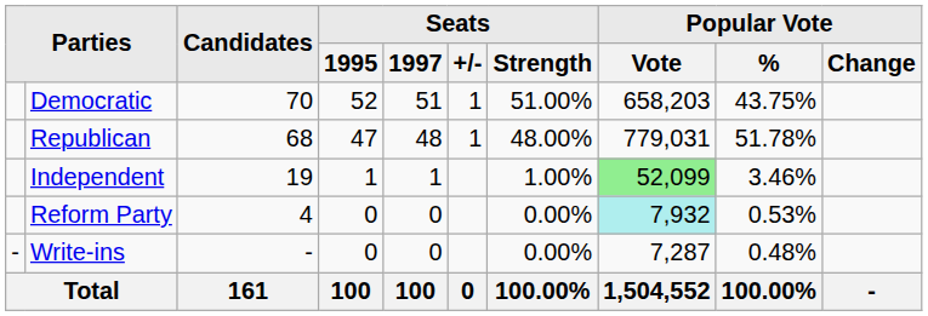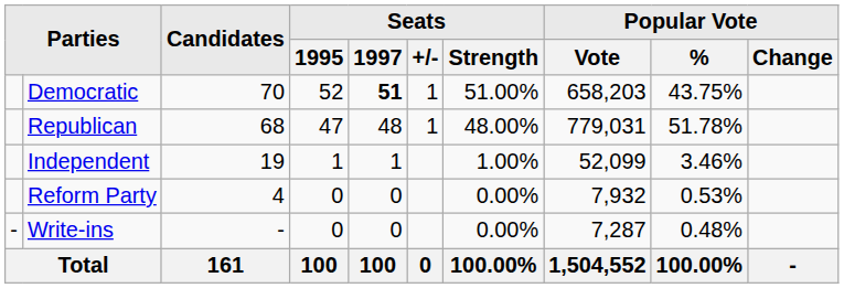 <table class=wikitable>
 <tr>
 <th style="background-color:#E9E9E9" align=center rowspan= 2 colspan=2>Parties</th>
 <th style="background-color:#E9E9E9" align=center rowspan= 2>Candidates</th>
 <th style="background-color:#E9E9E9" align=center colspan=4>Seats</th>
 <th style="background-color:#E9E9E9" align=center colspan=3>Popular Vote</th>
 </tr>
 <tr>
 <th align=center>1995</th>
 <th align=center>1997</th>
 <th align=center>+/-</th>
 <th align=center>Strength</th>
 <th align=center>Vote</th>
 <th align=center>%</th>
 <th align=center>Change</th>
 </tr>
 <tr>
 <td></td>
 <td align=left><a href='#'>Democratic</a></td>
 <td align=right>70</td>
 <td align=right >52</td>
-<td align=right >51</td>
+<td align=right ><strong>51</strong></td>
 <td align=right> 1</td>
 <td align=right >51.00%</td>
 <td align=right>658,203</td>
 <td align=right>43.75%</td>
 <td align=right></td>
 </tr>
 <tr>
 <td></td>
 <td align=left><a href='#'>Republican</a></td>
 <td align=right>68</td>
 <td align=right>47</td>
 <td align=right>48</td>
 <td align=right> 1</td>
 <td align=right>48.00%</td>
 <td align=right >779,031</td>
 <td align=right >51.78%</td>
 <td align=right></td>
 </tr>
 <tr>
 <td></td>
 <td><a href='#'>Independent</a></td>
 <td align=right>19</td>
 <td align=right>1</td>
 <td align=right>1</td>
 <td align=right></td>
 <td align=right>1.00%</td>
-<td align=right style="background: lightgreen;">52,099</td>
+<td align=right>52,099</td>
 <td align=right>3.46%</td>
 <td align=right></td>
 </tr>
 <tr>
 <td></td>
 <td><a href='#'>Reform Party</a></td>
 <td align=right>4</td>
 <td align=right>0</td>
 <td align=right>0</td>
 <td align=right></td>
 <td align=right>0.00%</td>
-<td align=right style="background: paleturquoise;">7,932</td>
+<td align=right>7,932</td>
 <td align=right>0.53%</td>
 <td align=right></td>
 </tr>
 <tr>
 <td>-</td>
 <td><a href='#'>Write-ins</a></td>
 <td align=right>-</td>
 <td align=right>0</td>
 <td align=right>0</td>
 <td align=right></td>
 <td align=right>0.00%</td>
 <td align=right>7,287</td>
 <td align=right>0.48%</td>
 <td align=right></td>
 </tr>
 <tr>
 <th align=center colspan="2">Total</th>
 <th align=center>161</th>
 <th align=center>100</th>
 <th align=center>100</th>
 <th align=center>0</th>
 <th align=center>100.00%</th>
 <th align=center>1,504,552</th>
 <th align=center>100.00%</th>
 <th align=center>-</th>
 </tr>
 </table>
